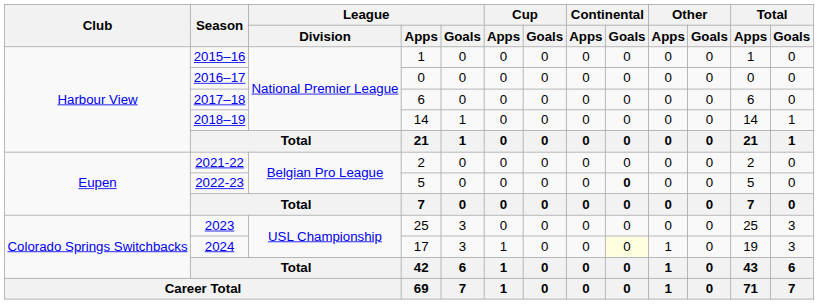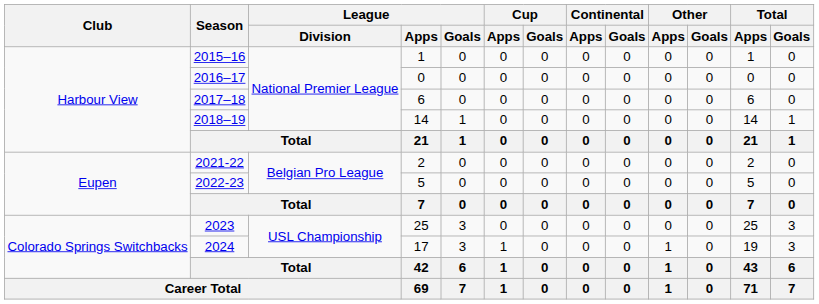 <table class="wikitable" style="text-align: center">
 <tr>
 <th rowspan="2">Club</th>
 <th rowspan="2">Season</th>
 <th colspan="3">League</th>
 <th colspan="2">Cup</th>
 <th colspan="2">Continental</th>
 <th colspan="2">Other</th>
 <th colspan="2">Total</th>
 </tr>
 <tr>
 <th>Division</th>
 <th>Apps</th>
 <th>Goals</th>
 <th>Apps</th>
 <th>Goals</th>
 <th>Apps</th>
 <th>Goals</th>
 <th>Apps</th>
 <th>Goals</th>
 <th>Apps</th>
 <th>Goals</th>
 </tr>
 <tr>
 <td rowspan="5"><a href='#'>Harbour View</a></td>
 <td><a href='#'>2015–16</a></td>
 <td rowspan="4"><a href='#'>National Premier League</a></td>
 <td>1</td>
 <td>0</td>
 <td>0</td>
 <td>0</td>
 <td>0</td>
 <td>0</td>
 <td>0</td>
 <td>0</td>
 <td>1</td>
 <td>0</td>
 </tr>
 <tr>
 <td><a href='#'>2016–17</a></td>
 <td>0</td>
 <td>0</td>
 <td>0</td>
 <td>0</td>
 <td>0</td>
 <td>0</td>
 <td>0</td>
 <td>0</td>
 <td>0</td>
 <td>0</td>
 </tr>
 <tr>
 <td><a href='#'>2017–18</a></td>
 <td>6</td>
 <td>0</td>
 <td>0</td>
 <td>0</td>
 <td>0</td>
 <td>0</td>
 <td>0</td>
 <td>0</td>
 <td>6</td>
 <td>0</td>
 </tr>
 <tr>
 <td><a href='#'>2018–19</a></td>
 <td>14</td>
 <td>1</td>
 <td>0</td>
 <td>0</td>
 <td>0</td>
 <td>0</td>
 <td>0</td>
 <td>0</td>
 <td>14</td>
 <td>1</td>
 </tr>
 <tr>
 <th colspan="2"><strong>Total</strong></th>
 <th>21</th>
 <th>1</th>
 <th>0</th>
 <th>0</th>
 <th>0</th>
 <th>0</th>
 <th>0</th>
 <th>0</th>
 <th>21</th>
 <th>1</th>
 </tr>
 <tr>
 <td rowspan="3"><a href='#'>Eupen</a></td>
 <td><a href='#'>2021-22</a></td>
 <td rowspan="2"><a href='#'>Belgian Pro League</a></td>
 <td>2</td>
 <td>0</td>
 <td>0</td>
 <td>0</td>
 <td>0</td>
 <td>0</td>
 <td>0</td>
 <td>0</td>
 <td>2</td>
 <td>0</td>
 </tr>
 <tr>
 <td><a href='#'>2022-23</a></td>
 <td>5</td>
 <td>0</td>
 <td>0</td>
 <td>0</td>
 <td>0</td>
-<td><strong>0</strong></td>
+<td>0</td>
 <td>0</td>
 <td>0</td>
 <td>5</td>
 <td>0</td>
 </tr>
 <tr>
 <th colspan="2">Total</th>
 <th>7</th>
 <th>0</th>
 <th>0</th>
 <th>0</th>
 <th>0</th>
 <th>0</th>
 <th>0</th>
 <th>0</th>
 <th>7</th>
 <th>0</th>
 </tr>
 <tr>
 <td rowspan="3"><a href='#'>Colorado Springs Switchbacks</a></td>
 <td><a href='#'>2023</a></td>
 <td rowspan="2"><a href='#'>USL Championship</a></td>
 <td>25</td>
 <td>3</td>
 <td>0</td>
 <td>0</td>
 <td>0</td>
 <td>0</td>
 <td>0</td>
 <td>0</td>
 <td>25</td>
 <td>3</td>
 </tr>
 <tr>
 <td><a href='#'>2024</a></td>
 <td>17</td>
 <td>3</td>
 <td>1</td>
 <td>0</td>
 <td>0</td>
-<td style="background: lightyellow;">0</td>
+<td>0</td>
 <td>1</td>
 <td>0</td>
 <td>19</td>
 <td>3</td>
 </tr>
 <tr>
 <th colspan="2">Total</th>
 <th>42</th>
 <th>6</th>
 <th>1</th>
 <th>0</th>
 <th>0</th>
 <th>0</th>
 <th>1</th>
 <th>0</th>
 <th>43</th>
 <th>6</th>
 </tr>
 <tr>
 <th colspan="3">Career Total</th>
 <th>69</th>
 <th>7</th>
 <th>1</th>
 <th>0</th>
 <th>0</th>
 <th>0</th>
 <th>1</th>
 <th>0</th>
 <th>71</th>
 <th>7</th>
 </tr>
 </table>
